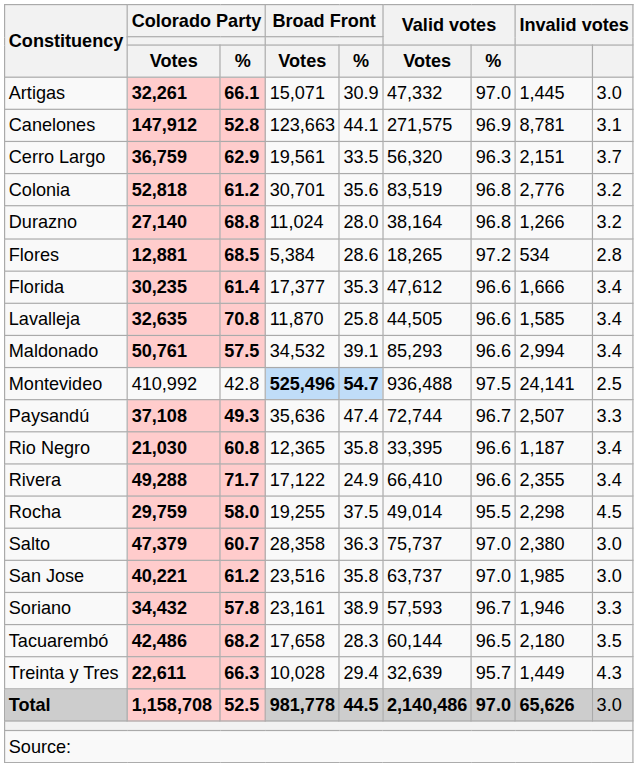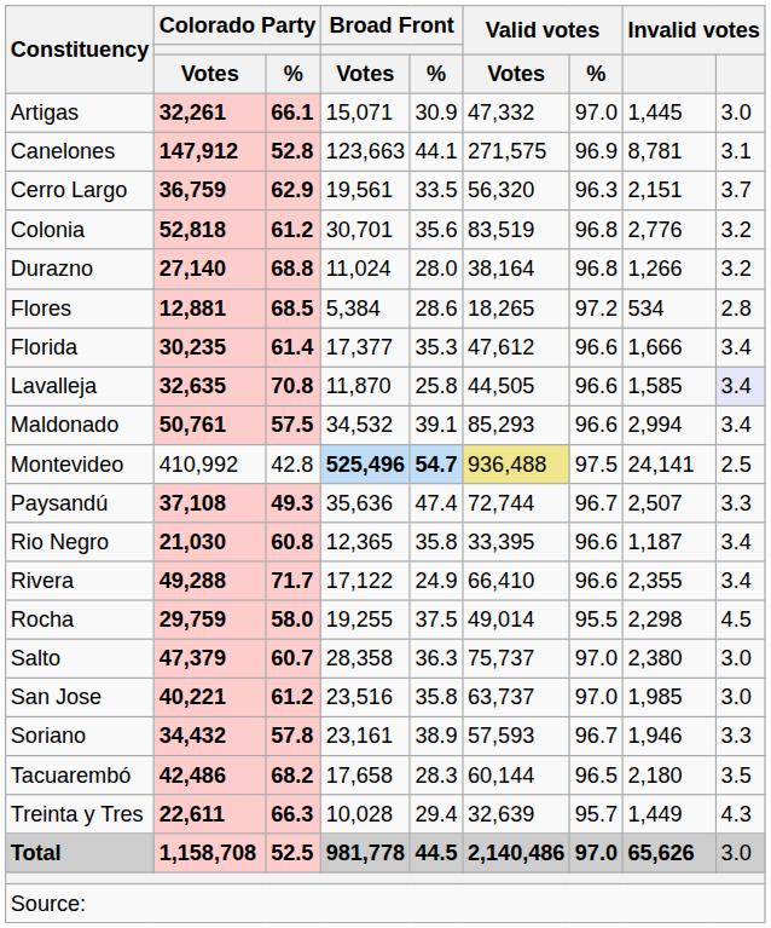 <table class="wikitable sortable collapsible collapsed tpl-blanktable" style="text-align:left; font-size:95%; line-height:20px;">
 <tr>
 <th rowspan="3">Constituency</th>
 <th colspan="2">Colorado Party</th>
 <th colspan="2">Broad Front</th>
 <th colspan="2" rowspan="2">Valid votes</th>
 <th colspan="2" rowspan="2">Invalid votes</th>
 </tr>
 <tr>
 <th colspan="2" style="background:"></th>
 <th colspan="2" style="background:"></th>
 </tr>
 <tr>
 <th>Votes</th>
 <th data-sort-type="number">%</th>
 <th>Votes</th>
 <th data-sort-type="number">%</th>
 <th>Votes</th>
 <th>%</th>
 <th></th>
 <th></th>
 </tr>
 <tr>
 <td align="left">Artigas</td>
 <td style="background:#FFCCCC;"><strong>32,261</strong></td>
 <td style="background:#FFCCCC;"><strong>66.1</strong></td>
 <td>15,071</td>
 <td>30.9</td>
 <td>47,332</td>
 <td>97.0</td>
 <td>1,445</td>
 <td>3.0</td>
 </tr>
 <tr>
 <td align="left">Canelones</td>
 <td style="background:#FFCCCC;"><strong>147,912</strong></td>
 <td style="background:#FFCCCC;"><strong>52.8</strong></td>
 <td>123,663</td>
 <td>44.1</td>
 <td>271,575</td>
 <td>96.9</td>
 <td>8,781</td>
 <td>3.1</td>
 </tr>
 <tr>
 <td align="left">Cerro Largo</td>
 <td style="background:#FFCCCC;"><strong>36,759</strong></td>
 <td style="background:#FFCCCC;"><strong>62.9</strong></td>
 <td>19,561</td>
 <td>33.5</td>
 <td>56,320</td>
 <td>96.3</td>
 <td>2,151</td>
 <td>3.7</td>
 </tr>
 <tr>
 <td align="left">Colonia</td>
 <td style="background:#FFCCCC;"><strong>52,818</strong></td>
 <td style="background:#FFCCCC;"><strong>61.2</strong></td>
 <td>30,701</td>
 <td>35.6</td>
 <td>83,519</td>
 <td>96.8</td>
 <td>2,776</td>
 <td>3.2</td>
 </tr>
 <tr>
 <td align="left">Durazno</td>
 <td style="background:#FFCCCC;"><strong>27,140</strong></td>
 <td style="background:#FFCCCC;"><strong>68.8</strong></td>
 <td>11,024</td>
 <td>28.0</td>
 <td>38,164</td>
 <td>96.8</td>
 <td>1,266</td>
 <td>3.2</td>
 </tr>
 <tr>
 <td align="left">Flores</td>
 <td style="background:#FFCCCC;"><strong>12,881</strong></td>
 <td style="background:#FFCCCC;"><strong>68.5</strong></td>
 <td>5,384</td>
 <td>28.6</td>
 <td>18,265</td>
 <td>97.2</td>
 <td>534</td>
 <td>2.8</td>
 </tr>
 <tr>
 <td align="left">Florida</td>
 <td style="background:#FFCCCC;"><strong>30,235</strong></td>
 <td style="background:#FFCCCC;"><strong>61.4</strong></td>
 <td>17,377</td>
 <td>35.3</td>
 <td>47,612</td>
 <td>96.6</td>
 <td>1,666</td>
 <td>3.4</td>
 </tr>
 <tr>
 <td align="left">Lavalleja</td>
 <td style="background:#FFCCCC;"><strong>32,635</strong></td>
 <td style="background:#FFCCCC;"><strong>70.8</strong></td>
 <td>11,870</td>
 <td>25.8</td>
 <td>44,505</td>
 <td>96.6</td>
 <td>1,585</td>
-<td>3.4</td>
+<td style="background: lavender;">3.4</td>
 </tr>
 <tr>
 <td align="left">Maldonado</td>
 <td style="background:#FFCCCC;"><strong>50,761</strong></td>
 <td style="background:#FFCCCC;"><strong>57.5</strong></td>
 <td>34,532</td>
 <td>39.1</td>
 <td>85,293</td>
 <td>96.6</td>
 <td>2,994</td>
 <td>3.4</td>
 </tr>
 <tr>
 <td align="left">Montevideo</td>
 <td>410,992</td>
 <td>42.8</td>
 <td style="background:#C0DDF8;"><strong>525,496</strong></td>
 <td style="background:#C0DDF8;"><strong>54.7</strong></td>
-<td>936,488</td>
+<td style="background: khaki;">936,488</td>
 <td>97.5</td>
 <td>24,141</td>
 <td>2.5</td>
 </tr>
 <tr>
 <td align="left">Paysandú</td>
 <td style="background:#FFCCCC;"><strong>37,108</strong></td>
 <td style="background:#FFCCCC;"><strong>49.3</strong></td>
 <td>35,636</td>
 <td>47.4</td>
 <td>72,744</td>
 <td>96.7</td>
 <td>2,507</td>
 <td>3.3</td>
 </tr>
 <tr>
 <td align="left">Rio Negro</td>
 <td style="background:#FFCCCC;"><strong>21,030</strong></td>
 <td style="background:#FFCCCC;"><strong>60.8</strong></td>
 <td>12,365</td>
 <td>35.8</td>
 <td>33,395</td>
 <td>96.6</td>
 <td>1,187</td>
 <td>3.4</td>
 </tr>
 <tr>
 <td align="left">Rivera</td>
 <td style="background:#FFCCCC;"><strong>49,288</strong></td>
 <td style="background:#FFCCCC;"><strong>71.7</strong></td>
 <td>17,122</td>
 <td>24.9</td>
 <td>66,410</td>
 <td>96.6</td>
 <td>2,355</td>
 <td>3.4</td>
 </tr>
 <tr>
 <td align="left">Rocha</td>
 <td style="background:#FFCCCC;"><strong>29,759</strong></td>
 <td style="background:#FFCCCC;"><strong>58.0</strong></td>
 <td>19,255</td>
 <td>37.5</td>
 <td>49,014</td>
 <td>95.5</td>
 <td>2,298</td>
 <td>4.5</td>
 </tr>
 <tr>
 <td align="left">Salto</td>
 <td style="background:#FFCCCC;"><strong>47,379</strong></td>
 <td style="background:#FFCCCC;"><strong>60.7</strong></td>
 <td>28,358</td>
 <td>36.3</td>
 <td>75,737</td>
 <td>97.0</td>
 <td>2,380</td>
 <td>3.0</td>
 </tr>
 <tr>
 <td align="left">San Jose</td>
 <td style="background:#FFCCCC;"><strong>40,221</strong></td>
 <td style="background:#FFCCCC;"><strong>61.2</strong></td>
 <td>23,516</td>
 <td>35.8</td>
 <td>63,737</td>
 <td>97.0</td>
 <td>1,985</td>
 <td>3.0</td>
 </tr>
 <tr>
 <td align="left">Soriano</td>
 <td style="background:#FFCCCC;"><strong>34,432</strong></td>
 <td style="background:#FFCCCC;"><strong>57.8</strong></td>
 <td>23,161</td>
 <td>38.9</td>
 <td>57,593</td>
 <td>96.7</td>
 <td>1,946</td>
 <td>3.3</td>
 </tr>
 <tr>
 <td align=left>Tacuarembó</td>
 <td style="background:#FFCCCC;"><strong>42,486</strong></td>
 <td style="background:#FFCCCC;"><strong>68.2</strong></td>
 <td>17,658</td>
 <td>28.3</td>
 <td>60,144</td>
 <td>96.5</td>
 <td>2,180</td>
 <td>3.5</td>
 </tr>
 <tr>
 <td align="left">Treinta y Tres</td>
 <td style="background:#FFCCCC;"><strong>22,611</strong></td>
 <td style="background:#FFCCCC;"><strong>66.3</strong></td>
 <td>10,028</td>
 <td>29.4</td>
 <td>32,639</td>
 <td>95.7</td>
 <td>1,449</td>
 <td>4.3</td>
 </tr>
 <tr style="background:#CDCDCD;">
 <td align="left"><strong>Total</strong></td>
 <td style="background:#FFCCCC;"><strong>1,158,708</strong></td>
 <td style="background:#FFCCCC;"><strong>52.5</strong></td>
 <td><strong>981,778</strong></td>
 <td><strong>44.5</strong></td>
 <td><strong>2,140,486</strong></td>
 <td><strong>97.0</strong></td>
 <td><strong>65,626</strong></td>
 <td>3.0</td>
 </tr>
 <tr>
 <th colspan="9"></th>
 </tr>
 <tr>
 <th colspan="9" style="text-align:left; font-weight:normal; background:#F9F9F9">Source: </th>
 </tr>
 </table>
